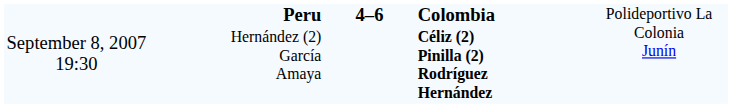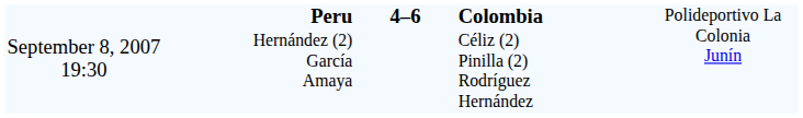 <table style="width: 100%; background:#F5FAFF;" cellspacing="0">
 <tr>
 <td align=center rowspan=3 width=20%>September 8, 2007<br>19:30</td>
 </tr>
 <tr>
 <td width=24% align=right><strong>Peru</strong></td>
 <td align=center width=13%><strong>4–6</strong></td>
 <td width=24%><strong>Colombia</strong></td>
 <td style=font-size:85% rowspan=3 valign=top align=center>Polideportivo La Colonia<br><a href='#'>Junín</a></td>
 </tr>
 <tr style=font-size:85%>
 <td align=right valign=top>Hernández (2)<br>García<br>Amaya</td>
 <td></td>
-<td valign=top><strong>Céliz (2)<br>Pinilla (2)<br>Rodríguez<br>Hernández<br></strong></td>
+<td valign=top>Céliz (2)<br>Pinilla (2)<br>Rodríguez<br>Hernández<br></td>
 </tr>
 </table>
